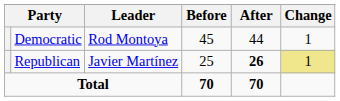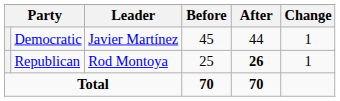 <table class="wikitable" style="text-align:center;">
 <tr>
 </tr>
 <tr>
 <th colspan="2">Party</th>
 <th>Leader</th>
 <th style="width:3em">Before</th>
 <th style="width:3em">After</th>
 <th style="width:3em">Change</th>
 </tr>
 <tr>
 <th style="background-color:"></th>
 <td style="text-align:left;"><a href='#'>Democratic</a></td>
-<td style="text-align:left;"><a href='#'>Rod Montoya</a></td>
+<td style="text-align:left;"><a href='#'>Javier Martínez</a></td>
 <td>45</td>
 <td>44</td>
 <td> 1</td>
 </tr>
 <tr>
 <th style="background-color:"></th>
 <td style="text-align:left;"><a href='#'>Republican</a></td>
-<td style="text-align:left;"><a href='#'>Javier Martínez</a></td>
+<td style="text-align:left;"><a href='#'>Rod Montoya</a></td>
 <td>25</td>
 <td><strong>26</strong></td>
-<td style="background: khaki;"> 1</td>
+<td> 1</td>
 </tr>
 <tr>
 <td colspan="3"><strong>Total</strong></td>
 <td><strong>70</strong></td>
 <td><strong>70</strong></td>
 <td></td>
 </tr>
 </table>
